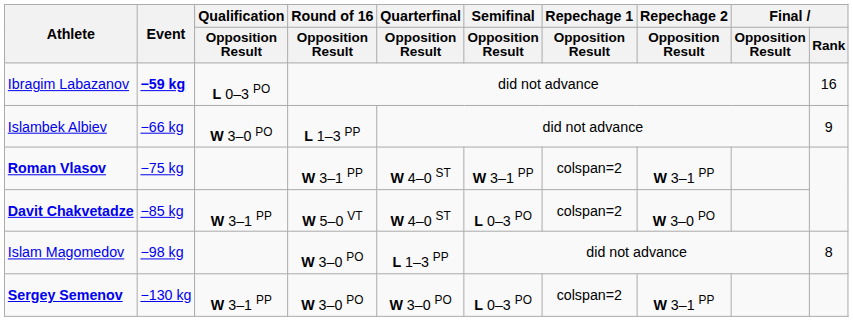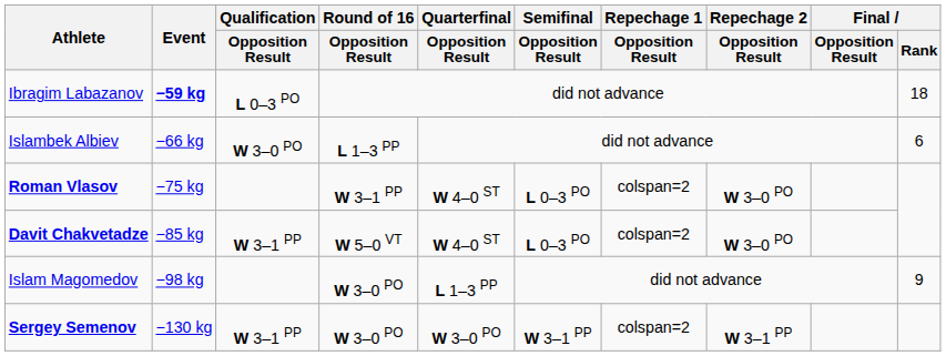 <table class="wikitable" style="font-size:90%">
 <tr>
 <th rowspan=2>Athlete</th>
 <th rowspan=2>Event</th>
 <th>Qualification</th>
 <th>Round of 16</th>
 <th>Quarterfinal</th>
 <th>Semifinal</th>
 <th>Repechage 1</th>
 <th>Repechage 2</th>
 <th colspan=3>Final / </th>
 </tr>
 <tr style="font-size: 95%">
 <th>Opposition<br>Result</th>
 <th>Opposition<br>Result</th>
 <th>Opposition<br>Result</th>
 <th>Opposition<br>Result</th>
 <th>Opposition<br>Result</th>
 <th>Opposition<br>Result</th>
 <th>Opposition<br>Result</th>
 <th>Rank</th>
 </tr>
 <tr align=center>
 <td align=left><a href='#'>Ibragim Labazanov</a></td>
 <td align=left><strong><a href='#'>−59 kg</a></strong></td>
 <td><br><strong>L</strong> 0–3 <sup>PO</sup></td>
 <td colspan=6>did not advance</td>
-<td>16</td>
+<td>18</td>
 </tr>
 <tr align=center>
 <td align=left><a href='#'>Islambek Albiev</a></td>
 <td align=left><a href='#'>−66 kg</a></td>
 <td><br> <strong>W</strong> 3–0 <sup>PO</sup></td>
 <td><br><strong>L</strong> 1–3 <sup>PP</sup></td>
 <td colspan=5>did not advance</td>
-<td>9</td>
+<td>6</td>
 </tr>
 <tr align=center>
 <td align=left><strong><a href='#'>Roman Vlasov</a></strong></td>
 <td align=left><a href='#'>−75 kg</a></td>
 <td></td>
 <td><br><strong>W</strong> 3–1 <sup>PP</sup></td>
 <td><br><strong>W</strong> 4–0 <sup>ST</sup></td>
-<td><br> <strong>W</strong> 3–1 <sup>PP</sup></td>
+<td><br> <strong>L</strong> 0–3 <sup>PO</sup></td>
 <td>colspan=2 </td>
-<td><br> <strong>W</strong> 3–1 <sup>PP</sup></td>
+<td><br><strong>W</strong> 3–0 <sup>PO</sup></td>
 <td></td>
 </tr>
 <tr align=center>
 <td align=left><strong><a href='#'>Davit Chakvetadze</a></strong></td>
 <td align=left><a href='#'>−85 kg</a></td>
 <td><br><strong>W</strong> 3–1 <sup>PP</sup></td>
 <td><br> <strong>W</strong> 5–0 <sup>VT</sup></td>
 <td><br> <strong>W</strong> 4–0 <sup>ST</sup></td>
 <td><br> <strong>L</strong> 0–3 <sup>PO</sup></td>
 <td>colspan=2 </td>
 <td><br><strong>W</strong> 3–0 <sup>PO</sup></td>
 <td></td>
 </tr>
 <tr align=center>
 <td align=left><a href='#'>Islam Magomedov</a></td>
 <td align=left><a href='#'>−98 kg</a></td>
 <td></td>
 <td><br> <strong>W</strong> 3–0 <sup>PO</sup></td>
 <td><br><strong>L</strong> 1–3 <sup>PP</sup></td>
 <td colspan=4>did not advance</td>
-<td>8</td>
+<td>9</td>
 </tr>
 <tr align=center>
 <td align=left><strong><a href='#'>Sergey Semenov</a></strong></td>
 <td align=left><a href='#'>−130 kg</a></td>
 <td><br> <strong>W</strong> 3–1 <sup>PP</sup></td>
 <td><br> <strong>W</strong> 3–0 <sup>PO</sup></td>
 <td><br> <strong>W</strong> 3–0 <sup>PO</sup></td>
-<td><br> <strong>L</strong> 0–3 <sup>PO</sup></td>
+<td><br> <strong>W</strong> 3–1 <sup>PP</sup></td>
 <td>colspan=2 </td>
 <td><br> <strong>W</strong> 3–1 <sup>PP</sup></td>
 <td></td>
 </tr>
 </table>
